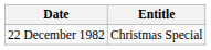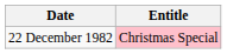 <table class="wikitable" style="text-align:center;">
 <tr>
 <th>Date</th>
 <th>Entitle</th>
 </tr>
 <tr>
 <td>22 December 1982</td>
-<td>Christmas Special</td>
+<td style="background: pink;">Christmas Special</td>
 </tr>
 </table>
